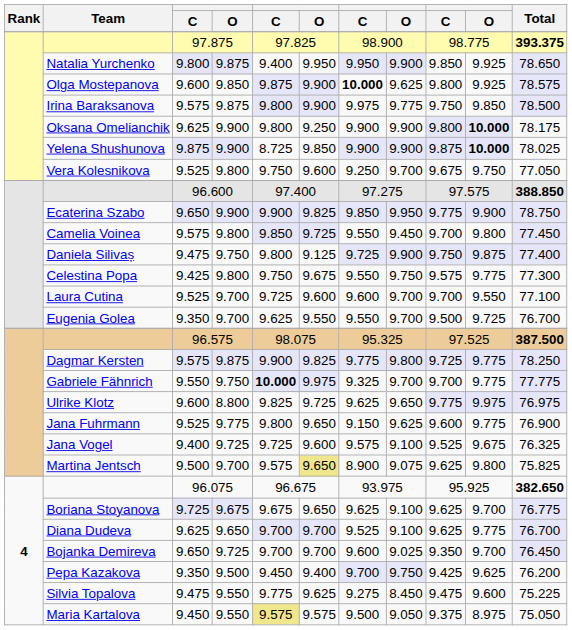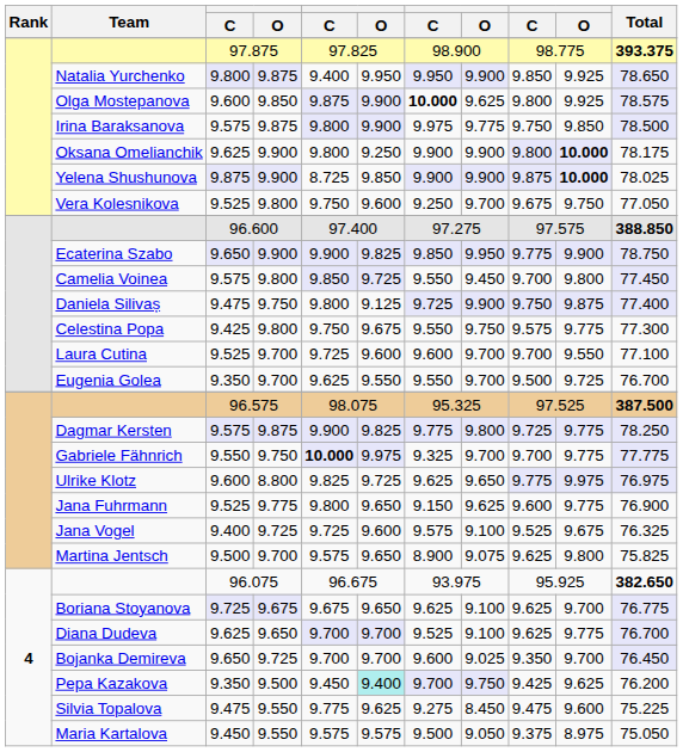 <table class="wikitable" style="text-align:center; font-size:95%">
 <tr>
 <th rowspan=2>Rank</th>
 <th rowspan=2>Team</th>
 <th colspan=2></th>
 <th colspan=2></th>
 <th colspan=2></th>
 <th colspan=2></th>
 <th rowspan=2>Total</th>
 </tr>
 <tr>
 <th>C</th>
 <th>O</th>
 <th>C</th>
 <th>O</th>
 <th>C</th>
 <th>O</th>
 <th>C</th>
 <th>O</th>
 </tr>
 <tr>
 </tr>
 <tr style="background:#fffcaf;">
 <td rowspan=7></td>
 <td style="text-align:left;"><strong></strong></td>
 <td colspan=2>97.875</td>
 <td colspan=2>97.825</td>
 <td colspan=2>98.900</td>
 <td colspan=2>98.775</td>
 <td colspan=1><strong>393.375</strong></td>
 </tr>
 <tr>
 <td align=left><a href='#'>Natalia Yurchenko</a></td>
 <td bgcolor="lavender">9.800</td>
 <td bgcolor="lavender">9.875</td>
 <td>9.400</td>
 <td>9.950</td>
 <td bgcolor="lavender">9.950</td>
 <td bgcolor="lavender">9.900</td>
 <td>9.850</td>
 <td>9.925</td>
 <td bgcolor="lavender">78.650</td>
 </tr>
 <tr>
 <td align=left><a href='#'>Olga Mostepanova</a></td>
 <td>9.600</td>
 <td>9.850</td>
 <td bgcolor="lavender">9.875</td>
 <td bgcolor="lavender">9.900</td>
 <td><strong>10.000</strong></td>
 <td>9.625</td>
 <td>9.800</td>
 <td>9.925</td>
 <td bgcolor="lavender">78.575</td>
 </tr>
 <tr>
 <td align=left><a href='#'>Irina Baraksanova</a></td>
 <td>9.575</td>
 <td>9.875</td>
 <td bgcolor="lavender">9.800</td>
 <td bgcolor="lavender">9.900</td>
 <td>9.975</td>
 <td>9.775</td>
 <td>9.750</td>
 <td>9.850</td>
 <td bgcolor="lavender">78.500</td>
 </tr>
 <tr>
 <td align=left><a href='#'>Oksana Omelianchik</a></td>
 <td>9.625</td>
 <td>9.900</td>
 <td>9.800</td>
 <td>9.250</td>
 <td>9.900</td>
 <td>9.900</td>
 <td bgcolor="lavender">9.800</td>
 <td bgcolor="lavender"><strong>10.000</strong></td>
 <td>78.175</td>
 </tr>
 <tr>
 <td align=left><a href='#'>Yelena Shushunova</a></td>
 <td bgcolor="lavender">9.875</td>
 <td bgcolor="lavender">9.900</td>
 <td>8.725</td>
 <td>9.850</td>
 <td bgcolor="lavender">9.900</td>
 <td bgcolor="lavender">9.900</td>
 <td bgcolor="lavender">9.875</td>
 <td bgcolor="lavender"><strong>10.000</strong></td>
 <td>78.025</td>
 </tr>
 <tr>
 <td align=left><a href='#'>Vera Kolesnikova</a></td>
 <td>9.525</td>
 <td>9.800</td>
 <td>9.750</td>
 <td>9.600</td>
 <td>9.250</td>
 <td>9.700</td>
 <td>9.675</td>
 <td>9.750</td>
 <td>77.050</td>
 </tr>
 <tr>
 </tr>
 <tr style="background:#e5e5e5;">
 <td rowspan=7></td>
 <td style="text-align:left;"><strong></strong></td>
 <td colspan=2>96.600</td>
 <td colspan=2>97.400</td>
 <td colspan=2>97.275</td>
 <td colspan=2>97.575</td>
 <td colspan=1><strong>388.850</strong></td>
 </tr>
 <tr>
 <td align=left><a href='#'>Ecaterina Szabo</a></td>
 <td bgcolor="lavender">9.650</td>
 <td bgcolor="lavender">9.900</td>
 <td bgcolor="lavender">9.900</td>
 <td bgcolor="lavender">9.825</td>
 <td bgcolor="lavender">9.850</td>
 <td bgcolor="lavender">9.950</td>
 <td bgcolor="lavender">9.775</td>
 <td bgcolor="lavender">9.900</td>
 <td bgcolor="lavender">78.750</td>
 </tr>
 <tr>
 <td align=left><a href='#'>Camelia Voinea</a></td>
 <td>9.575</td>
 <td>9.800</td>
 <td bgcolor="lavender">9.850</td>
 <td bgcolor="lavender">9.725</td>
 <td>9.550</td>
 <td>9.450</td>
 <td>9.700</td>
 <td>9.800</td>
 <td bgcolor="lavender">77.450</td>
 </tr>
 <tr>
 <td align=left><a href='#'>Daniela Silivaș</a></td>
 <td>9.475</td>
 <td>9.750</td>
 <td>9.800</td>
 <td>9.125</td>
 <td bgcolor="lavender">9.725</td>
 <td bgcolor="lavender">9.900</td>
 <td bgcolor="lavender">9.750</td>
 <td bgcolor="lavender">9.875</td>
 <td bgcolor="lavender">77.400</td>
 </tr>
 <tr>
 <td align=left><a href='#'>Celestina Popa</a></td>
 <td>9.425</td>
 <td>9.800</td>
 <td>9.750</td>
 <td>9.675</td>
 <td>9.550</td>
 <td>9.750</td>
 <td>9.575</td>
 <td>9.775</td>
 <td>77.300</td>
 </tr>
 <tr>
 <td align=left><a href='#'>Laura Cutina</a></td>
 <td>9.525</td>
 <td>9.700</td>
 <td>9.725</td>
 <td>9.600</td>
 <td>9.600</td>
 <td>9.700</td>
 <td>9.700</td>
 <td>9.550</td>
 <td>77.100</td>
 </tr>
 <tr>
 <td align=left><a href='#'>Eugenia Golea</a></td>
 <td>9.350</td>
 <td>9.700</td>
 <td>9.625</td>
 <td>9.550</td>
 <td>9.550</td>
 <td>9.700</td>
 <td>9.500</td>
 <td>9.725</td>
 <td>76.700</td>
 </tr>
 <tr>
 </tr>
 <tr style="background:#ec9;">
 <td rowspan=7></td>
 <td style="text-align:left;"><strong></strong></td>
 <td colspan=2>96.575</td>
 <td colspan=2>98.075</td>
 <td colspan=2>95.325</td>
 <td colspan=2>97.525</td>
 <td colspan=1><strong>387.500</strong></td>
 </tr>
 <tr>
 <td align=left><a href='#'>Dagmar Kersten</a></td>
 <td bgcolor="lavender">9.575</td>
 <td bgcolor="lavender">9.875</td>
 <td bgcolor="lavender">9.900</td>
 <td bgcolor="lavender">9.825</td>
 <td bgcolor="lavender">9.775</td>
 <td bgcolor="lavender">9.800</td>
 <td bgcolor="lavender">9.725</td>
 <td bgcolor="lavender">9.775</td>
 <td bgcolor="lavender">78.250</td>
 </tr>
 <tr>
 <td align=left><a href='#'>Gabriele Fähnrich</a></td>
 <td>9.550</td>
 <td>9.750</td>
 <td bgcolor="lavender"><strong>10.000</strong></td>
 <td bgcolor="lavender">9.975</td>
 <td>9.325</td>
 <td>9.700</td>
 <td>9.700</td>
 <td>9.775</td>
 <td bgcolor="lavender">77.775</td>
 </tr>
 <tr>
 <td align=left><a href='#'>Ulrike Klotz</a></td>
 <td>9.600</td>
 <td>8.800</td>
 <td>9.825</td>
 <td>9.725</td>
 <td>9.625</td>
 <td>9.650</td>
 <td bgcolor="lavender">9.775</td>
 <td bgcolor="lavender">9.975</td>
 <td bgcolor="lavender">76.975</td>
 </tr>
 <tr>
 <td align=left><a href='#'>Jana Fuhrmann</a></td>
 <td>9.525</td>
 <td>9.775</td>
 <td>9.800</td>
 <td>9.650</td>
 <td>9.150</td>
 <td>9.625</td>
 <td>9.600</td>
 <td>9.775</td>
 <td>76.900</td>
 </tr>
 <tr>
 <td align=left><a href='#'>Jana Vogel</a></td>
 <td>9.400</td>
 <td>9.725</td>
 <td>9.725</td>
 <td>9.600</td>
 <td>9.575</td>
 <td>9.100</td>
 <td>9.525</td>
 <td>9.675</td>
 <td>76.325</td>
 </tr>
 <tr>
 <td align=left><a href='#'>Martina Jentsch</a></td>
 <td>9.500</td>
 <td>9.700</td>
 <td>9.575</td>
-<td style="background: khaki;">9.650</td>
+<td>9.650</td>
 <td>8.900</td>
 <td>9.075</td>
 <td>9.625</td>
 <td>9.800</td>
 <td>75.825</td>
 </tr>
 <tr>
 <td rowspan=7><strong>4</strong></td>
 <td style="text-align:left;"><strong></strong></td>
 <td colspan=2>96.075</td>
 <td colspan=2>96.675</td>
 <td colspan=2>93.975</td>
 <td colspan=2>95.925</td>
 <td colspan=1><strong>382.650</strong></td>
 </tr>
 <tr>
 <td align=left><a href='#'>Boriana Stoyanova</a></td>
 <td bgcolor="lavender">9.725</td>
 <td bgcolor="lavender">9.675</td>
 <td>9.675</td>
 <td>9.650</td>
 <td>9.625</td>
 <td>9.100</td>
 <td>9.625</td>
 <td>9.700</td>
 <td bgcolor="lavender">76.775</td>
 </tr>
 <tr>
 <td align=left><a href='#'>Diana Dudeva</a></td>
 <td>9.625</td>
 <td>9.650</td>
 <td bgcolor="lavender">9.700</td>
 <td bgcolor="lavender">9.700</td>
 <td>9.525</td>
 <td>9.100</td>
 <td>9.625</td>
 <td>9.775</td>
 <td bgcolor="lavender">76.700</td>
 </tr>
 <tr>
 <td align=left><a href='#'>Bojanka Demireva</a></td>
 <td>9.650</td>
 <td>9.725</td>
 <td>9.700</td>
 <td>9.700</td>
 <td>9.600</td>
 <td>9.025</td>
 <td>9.350</td>
 <td>9.700</td>
 <td bgcolor="lavender">76.450</td>
 </tr>
 <tr>
 <td align=left><a href='#'>Pepa Kazakova</a></td>
 <td>9.350</td>
 <td>9.500</td>
 <td>9.450</td>
-<td>9.400</td>
+<td style="background: paleturquoise;">9.400</td>
 <td bgcolor="lavender">9.700</td>
 <td bgcolor="lavender">9.750</td>
 <td>9.425</td>
 <td>9.625</td>
 <td>76.200</td>
 </tr>
 <tr>
 <td align=left><a href='#'>Silvia Topalova</a></td>
 <td>9.475</td>
 <td>9.550</td>
 <td>9.775</td>
 <td>9.625</td>
 <td>9.275</td>
 <td>8.450</td>
 <td>9.475</td>
 <td>9.600</td>
 <td>75.225</td>
 </tr>
 <tr>
 <td align=left><a href='#'>Maria Kartalova</a></td>
 <td>9.450</td>
 <td>9.550</td>
-<td style="background: khaki;">9.575</td>
+<td>9.575</td>
 <td>9.575</td>
 <td>9.500</td>
 <td>9.050</td>
 <td>9.375</td>
 <td>8.975</td>
 <td>75.050</td>
 </tr>
 </table>
